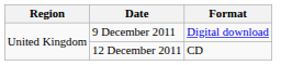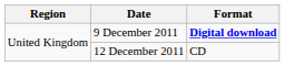 <table class=wikitable>
 <tr>
 <th>Region</th>
 <th>Date</th>
 <th>Format</th>
 </tr>
 <tr>
 <td rowspan="2">United Kingdom</td>
 <td>9 December 2011</td>
-<td><a href='#'>Digital download</a></td>
+<td><strong><a href='#'>Digital download</a></strong></td>
 </tr>
 <tr>
 <td>12 December 2011</td>
 <td>CD</td>
 </tr>
 </table>
